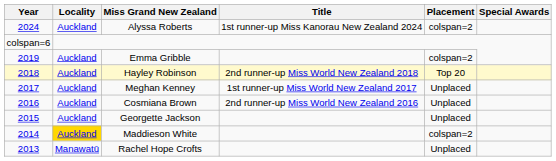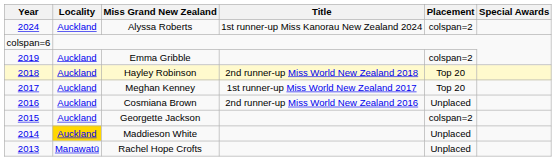 <table class="wikitable" style="font-size: 95%; text-align:center">
 <tr>
 <th>Year</th>
 <th>Locality</th>
 <th>Miss Grand New Zealand</th>
 <th>Title</th>
 <th>Placement</th>
 <th>Special Awards</th>
 </tr>
 <tr>
 <td><a href='#'>2024</a></td>
 <td><a href='#'>Auckland</a></td>
 <td>Alyssa Roberts</td>
 <td>1st runner-up Miss Kanorau New Zealand 2024</td>
 <td>colspan=2 </td>
 <td></td>
 </tr>
 <tr>
 <td>colspan=6 </td>
 </tr>
 <tr>
 <td><a href='#'>2019</a></td>
 <td><a href='#'>Auckland</a></td>
 <td>Emma  Gribble</td>
 <td></td>
 <td>colspan=2 </td>
 </tr>
 <tr bgcolor=#FFFACD>
 <td><a href='#'>2018</a></td>
 <td><a href='#'>Auckland</a></td>
 <td>Hayley Robinson</td>
 <td>2nd runner-up <a href='#'>Miss World New Zealand 2018</a></td>
 <td>Top 20</td>
 <td></td>
 </tr>
 <tr>
 <td><a href='#'>2017</a></td>
 <td><a href='#'>Auckland</a></td>
 <td>Meghan Kenney</td>
 <td>1st runner-up <a href='#'>Miss World New Zealand 2017</a></td>
-<td>Unplaced</td>
+<td>Top 20</td>
 <td></td>
 </tr>
 <tr>
 <td><a href='#'>2016</a></td>
 <td><a href='#'>Auckland</a></td>
 <td>Cosmiana Brown</td>
 <td>2nd runner-up <a href='#'>Miss World New Zealand 2016</a></td>
 <td>Unplaced</td>
 <td></td>
 </tr>
 <tr>
 <td><a href='#'>2015</a></td>
 <td><a href='#'>Auckland</a></td>
 <td>Georgette Jackson</td>
 <td></td>
-<td>Unplaced</td>
+<td>colspan=2 </td>
 </tr>
 <tr>
 <td><a href='#'>2014</a></td>
 <td style="background: gold;"><a href='#'>Auckland</a></td>
 <td>Maddieson White</td>
 <td></td>
-<td>colspan=2 </td>
+<td>Unplaced</td>
 <td></td>
 </tr>
 <tr>
 <td><a href='#'>2013</a></td>
 <td><a href='#'>Manawatū</a></td>
 <td>Rachel Hope Crofts</td>
 <td></td>
 <td>Unplaced</td>
 <td></td>
 </tr>
 </table>
